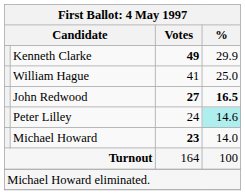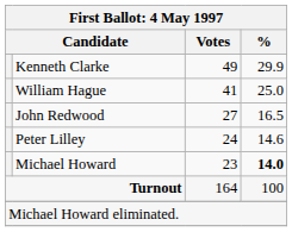 <table class="wikitable" style="font-size: 95%;">
 <tr>
 <th colspan="4">First Ballot: 4 May 1997</th>
 </tr>
 <tr>
 <th colspan="2" style="width: 170px">Candidate</th>
 <th style="width: 50px">Votes</th>
 <th style="width: 40px">%</th>
 </tr>
 <tr>
 <th style="background-color: "></th>
 <td style="width: 170px">Kenneth Clarke</td>
-<td align="right"><strong>49</strong></td>
+<td align="right">49</td>
 <td align="right">29.9</td>
 </tr>
 <tr>
 <th style="background-color: "></th>
 <td style="width: 170px">William Hague</td>
 <td align="right">41</td>
 <td align="right">25.0</td>
 </tr>
 <tr>
 <th style="background-color: "></th>
 <td style="width: 170px">John Redwood</td>
-<td align="right"><strong>27</strong></td>
-<td align="right"><strong>16.5</strong></td>
+<td align="right">27</td>
+<td align="right">16.5</td>
 </tr>
 <tr>
 <th style="background-color: "></th>
 <td style="width: 170px">Peter Lilley</td>
 <td align="right">24</td>
-<td align="right" style="background: paleturquoise;">14.6</td>
+<td align="right">14.6</td>
 </tr>
 <tr>
 <th style="background-color: "></th>
 <td style="width: 170px">Michael Howard</td>
-<td align="right"><strong>23</strong></td>
-<td align="right">14.0</td>
+<td align="right">23</td>
+<td align="right"><strong>14.0</strong></td>
 </tr>
 <tr style="background-color:#F6F6F6">
 <td colspan="2" align="right"><strong>Turnout</strong></td>
 <td align="right">164</td>
 <td align="right">100</td>
 </tr>
 <tr>
 </tr>
 <tr style="background-color:#F6F6F6">
 <td colspan="4">Michael Howard eliminated.</td>
 </tr>
 <tr>
 </tr>
 </table>
